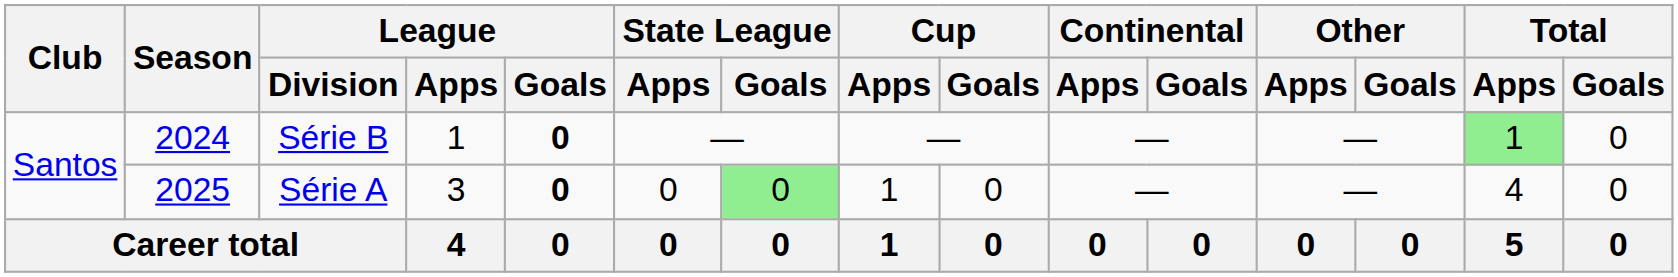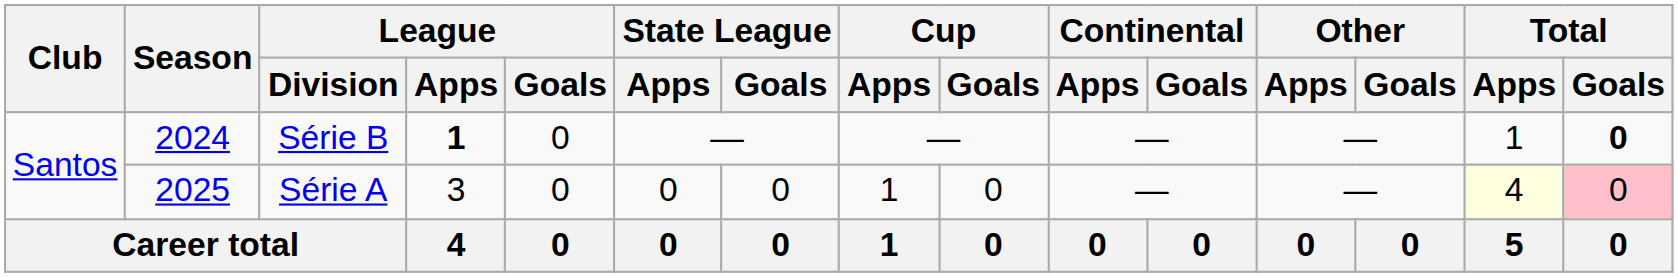 <table class="wikitable" style="text-align: center">
 <tr>
 <th rowspan="2">Club</th>
 <th rowspan="2">Season</th>
 <th colspan="3">League</th>
 <th colspan="2">State League</th>
 <th colspan="2">Cup</th>
 <th colspan="2">Continental</th>
 <th colspan="2">Other</th>
 <th colspan="2">Total</th>
 </tr>
 <tr>
 <th>Division</th>
 <th>Apps</th>
 <th>Goals</th>
 <th>Apps</th>
 <th>Goals</th>
 <th>Apps</th>
 <th>Goals</th>
 <th>Apps</th>
 <th>Goals</th>
 <th>Apps</th>
 <th>Goals</th>
 <th>Apps</th>
 <th>Goals</th>
 </tr>
 <tr>
 <td rowspan="2"><a href='#'>Santos</a></td>
 <td><a href='#'>2024</a></td>
 <td><a href='#'>Série B</a></td>
-<td>1</td>
-<td><strong>0</strong></td>
+<td><strong>1</strong></td>
+<td>0</td>
 <td colspan="2">—</td>
 <td colspan="2">—</td>
 <td colspan="2">—</td>
 <td colspan="2">—</td>
-<td style="background: lightgreen;">1</td>
-<td>0</td>
+<td>1</td>
+<td><strong>0</strong></td>
 </tr>
 <tr>
 <td><a href='#'>2025</a></td>
 <td><a href='#'>Série A</a></td>
 <td>3</td>
-<td><strong>0</strong></td>
 <td>0</td>
-<td style="background: lightgreen;">0</td>
+<td>0</td>
+<td>0</td>
 <td>1</td>
 <td>0</td>
 <td colspan="2">—</td>
 <td colspan="2">—</td>
-<td>4</td>
-<td>0</td>
+<td style="background: lightyellow;">4</td>
+<td style="background: pink;">0</td>
 </tr>
 <tr>
 <th colspan="3"><strong>Career total</strong></th>
 <th>4</th>
 <th>0</th>
 <th>0</th>
 <th>0</th>
 <th>1</th>
 <th>0</th>
 <th>0</th>
 <th>0</th>
 <th>0</th>
 <th>0</th>
 <th>5</th>
 <th>0</th>
 </tr>
 </table>
